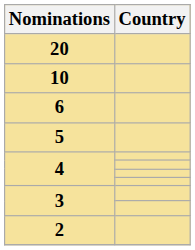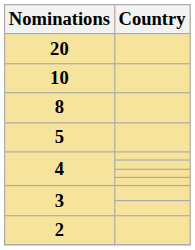 <table class="wikitable" rowspan=2 style="text-align: center; background: #f6e39c">
 <tr>
 <th scope="col" style="width:55px;">Nominations</th>
 <th scope="col" style="text-align:center;">Country</th>
 </tr>
 <tr>
 <td><strong>20</strong></td>
 <td></td>
 </tr>
 <tr>
 <td><strong>10</strong></td>
 <td></td>
 </tr>
 <tr>
-<td><strong>6</strong></td>
+<td><strong>8</strong></td>
 <td></td>
 </tr>
 <tr>
 <td><strong>5</strong></td>
 <td></td>
 </tr>
 <tr>
 <td rowspan="4"><strong>4</strong></td>
 <td></td>
 </tr>
 <tr>
 <td></td>
 </tr>
 <tr>
 <td></td>
 </tr>
 <tr>
 <td></td>
 </tr>
 <tr>
 <td rowspan="2"><strong>3</strong></td>
 <td></td>
 </tr>
 <tr>
 <td></td>
 </tr>
 <tr>
 <td><strong>2</strong></td>
 <td></td>
 </tr>
 <tr>
 </tr>
 </table>
